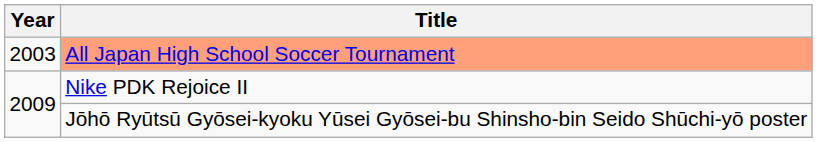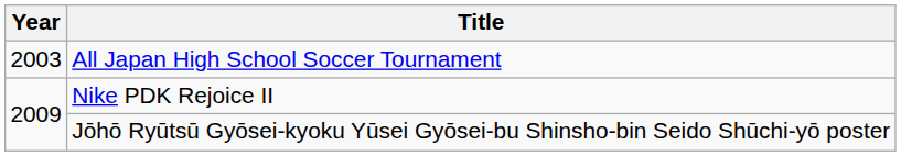 <table class="wikitable">
 <tr>
 <th>Year</th>
 <th>Title</th>
 </tr>
 <tr>
 <td>2003</td>
-<td style="background: lightsalmon;"><a href='#'>All Japan High School Soccer Tournament</a></td>
+<td><a href='#'>All Japan High School Soccer Tournament</a></td>
 </tr>
 <tr>
 <td rowspan="2">2009</td>
 <td><a href='#'>Nike</a> PDK Rejoice II</td>
 </tr>
 <tr>
 <td>Jōhō Ryūtsū Gyōsei-kyoku Yūsei Gyōsei-bu Shinsho-bin Seido Shūchi-yō poster</td>
 </tr>
 </table>
